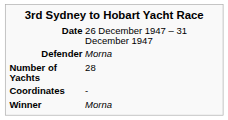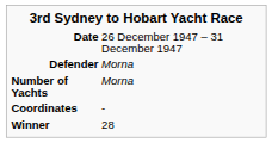 <table class="infobox" style="width: 23em; font-size: 90%">
 <tr>
 <th colspan="2" style="text-align: center; font-size: larger;"><strong>3rd Sydney to Hobart Yacht Race</strong></th>
 </tr>
 <tr>
 <td style="text-align: right;"><strong>Date</strong></td>
 <td>26 December 1947 – 31 December 1947</td>
 </tr>
 <tr>
 <td style="text-align: right;"><strong>Defender</strong></td>
 <td><em>Morna</em></td>
 </tr>
 <tr>
 <td><strong>Number of Yachts</strong></td>
-<td>28</td>
+<td><em>Morna</em></td>
 </tr>
 <tr>
 <td><strong>Coordinates</strong></td>
 <td>-<br></td>
 </tr>
 <tr>
 <td><strong>Winner</strong></td>
-<td><em>Morna</em></td>
+<td>28</td>
 </tr>
 <tr>
 </tr>
 </table>
